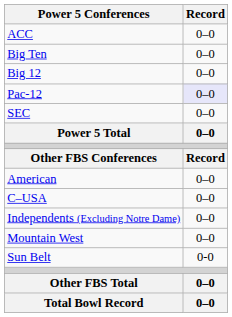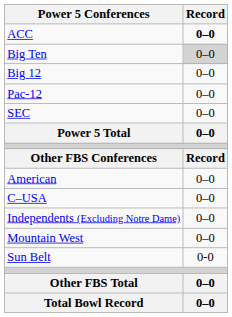 <table class="wikitable">
 <tr>
 <th>Power 5 Conferences</th>
 <th>Record</th>
 </tr>
 <tr>
 <td><a href='#'>ACC</a></td>
-<td align=center>0–0</td>
+<td align=center><strong>0–0</strong></td>
 </tr>
 <tr>
 <td><a href='#'>Big Ten</a></td>
-<td align=center>0–0</td>
+<td align=center style="background: lightgrey;">0–0</td>
 </tr>
 <tr>
 <td><a href='#'>Big 12</a></td>
 <td align=center>0–0</td>
 </tr>
 <tr>
 <td><a href='#'>Pac-12</a></td>
-<td align=center style="background: lavender;">0–0</td>
+<td align=center>0–0</td>
 </tr>
 <tr>
 <td><a href='#'>SEC</a></td>
 <td align=center>0–0</td>
 </tr>
 <tr>
 <th>Power 5 Total</th>
 <th>0–0</th>
 </tr>
 <tr>
 <th colspan="2" style="background:lightgrey;"></th>
 </tr>
 <tr>
 <th>Other FBS Conferences</th>
 <th>Record</th>
 </tr>
 <tr>
 <td><a href='#'>American</a></td>
 <td align=center>0–0</td>
 </tr>
 <tr>
 <td><a href='#'>C–USA</a></td>
 <td align=center>0–0</td>
 </tr>
 <tr>
 <td><a href='#'>Independents <small>(Excluding Notre Dame)</small></a></td>
 <td align=center>0–0</td>
 </tr>
 <tr>
 <td><a href='#'>Mountain West</a></td>
 <td align=center>0–0</td>
 </tr>
 <tr>
 <td><a href='#'>Sun Belt</a></td>
 <td align=center>0-0</td>
 </tr>
 <tr>
 <th colspan="2" style="background:lightgrey;"></th>
 </tr>
 <tr>
 <th>Other FBS Total</th>
 <th>0–0</th>
 </tr>
 <tr>
 <th>Total Bowl Record</th>
 <th>0–0</th>
 </tr>
 </table>
